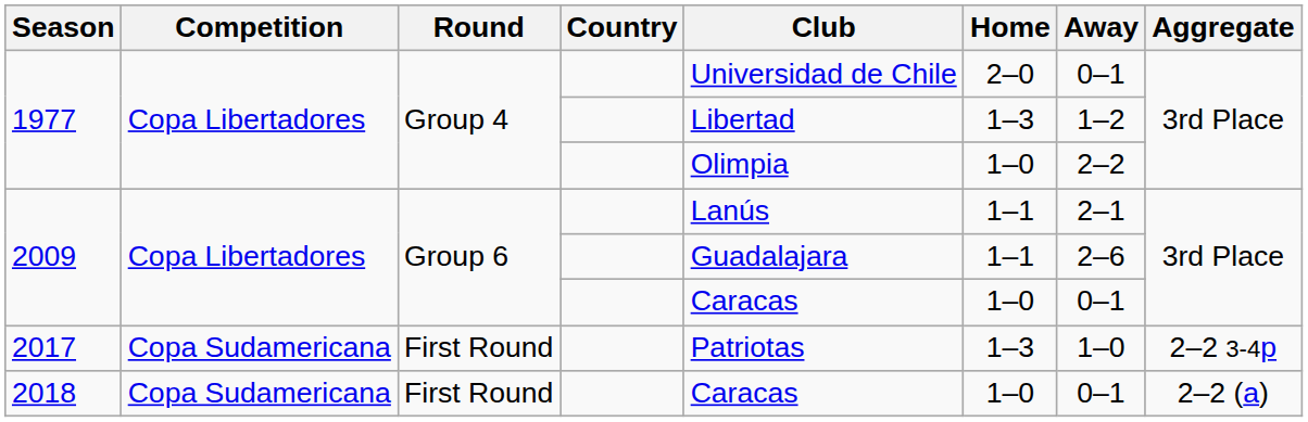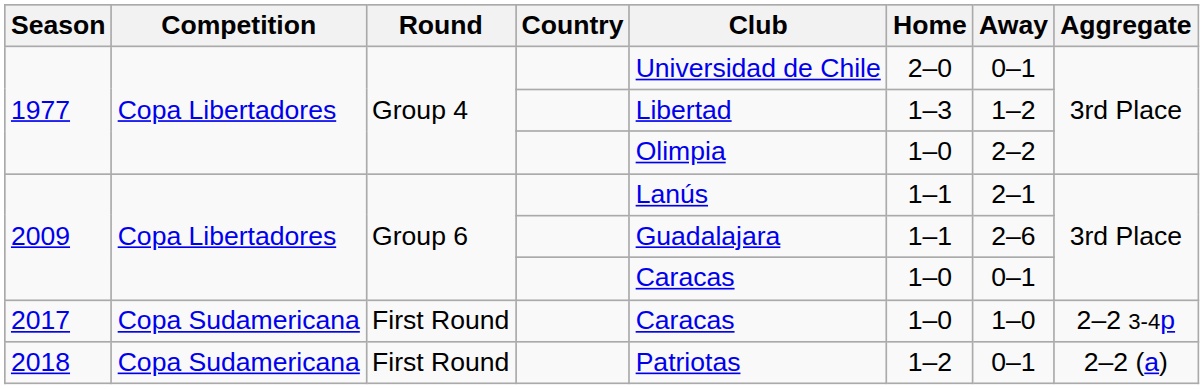 <table class="wikitable" style="text-align:left;">
 <tr>
 <th>Season</th>
 <th>Competition</th>
 <th>Round</th>
 <th>Country</th>
 <th>Club</th>
 <th>Home</th>
 <th>Away</th>
 <th>Aggregate</th>
 </tr>
 <tr>
 <td rowspan="3"><a href='#'>1977</a></td>
 <td rowspan="3"><a href='#'>Copa Libertadores</a></td>
 <td rowspan="3">Group 4</td>
 <td></td>
 <td><a href='#'>Universidad de Chile</a></td>
 <td style="text-align:center;">2–0</td>
 <td style="text-align:center;">0–1</td>
 <td style="text-align:center;" rowspan=3>3rd Place</td>
 </tr>
 <tr>
 <td></td>
 <td><a href='#'>Libertad</a></td>
 <td style="text-align:center;">1–3</td>
 <td style="text-align:center;">1–2</td>
 </tr>
 <tr>
 <td></td>
 <td><a href='#'>Olimpia</a></td>
 <td style="text-align:center;">1–0</td>
 <td style="text-align:center;">2–2</td>
 </tr>
 <tr>
 <td rowspan="3"><a href='#'>2009</a></td>
 <td rowspan="3"><a href='#'>Copa Libertadores</a></td>
 <td rowspan="3">Group 6</td>
 <td></td>
 <td><a href='#'>Lanús</a></td>
 <td style="text-align:center;">1–1</td>
 <td style="text-align:center;">2–1</td>
 <td style="text-align:center;" rowspan=3>3rd Place</td>
 </tr>
 <tr>
 <td></td>
 <td><a href='#'>Guadalajara</a></td>
 <td style="text-align:center;">1–1</td>
 <td style="text-align:center;">2–6</td>
 </tr>
 <tr>
 <td></td>
 <td><a href='#'>Caracas</a></td>
 <td style="text-align:center;">1–0</td>
 <td style="text-align:center;">0–1</td>
 </tr>
 <tr>
 <td><a href='#'>2017</a></td>
 <td><a href='#'>Copa Sudamericana</a></td>
 <td>First Round</td>
 <td></td>
-<td><a href='#'>Patriotas</a></td>
-<td style="text-align:center;">1–3</td>
+<td><a href='#'>Caracas</a></td>
+<td style="text-align:center;">1–0</td>
 <td style="text-align:center;">1–0</td>
 <td style="text-align:center;">2–2 <small>3-4</small><a href='#'>p</a></td>
 </tr>
 <tr>
 <td><a href='#'>2018</a></td>
 <td><a href='#'>Copa Sudamericana</a></td>
 <td>First Round</td>
 <td></td>
-<td><a href='#'>Caracas</a></td>
-<td style="text-align:center;">1–0</td>
+<td><a href='#'>Patriotas</a></td>
+<td style="text-align:center;">1–2</td>
 <td style="text-align:center;">0–1</td>
 <td style="text-align:center;">2–2 (<a href='#'>a</a>)</td>
 </tr>
 </table>
